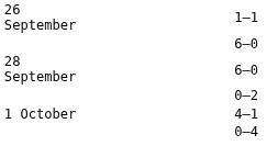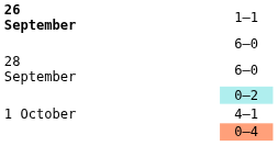 <table cellspacing=1 width=85%>
 <tr>
 <th width=15%></th>
 <th width=25%></th>
 <th width=10%></th>
 <th width=25%></th>
 <th width=25%></th>
 </tr>
 <tr>
-<td>26 September</td>
+<td><strong>26 September</strong></td>
 <td align=right></td>
 <td align=center>1–1</td>
 <td></td>
 </tr>
 <tr>
 <td></td>
 <td align=right></td>
 <td align=center>6–0</td>
 <td></td>
 </tr>
 <tr>
 <td>28 September</td>
 <td align=right></td>
 <td align=center>6–0</td>
 <td></td>
 </tr>
 <tr>
 <td></td>
 <td align=right></td>
-<td align=center>0–2</td>
+<td align=center style="background: paleturquoise;">0–2</td>
 <td></td>
 </tr>
 <tr>
 <td>1 October</td>
 <td align=right></td>
 <td align=center>4–1</td>
 <td></td>
 </tr>
 <tr>
 <td></td>
 <td align=right></td>
-<td align=center>0–4</td>
+<td align=center style="background: lightsalmon;">0–4</td>
 <td></td>
 </tr>
 </table>
